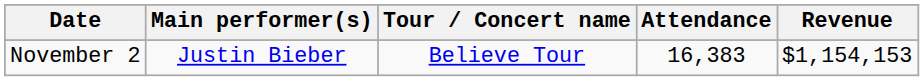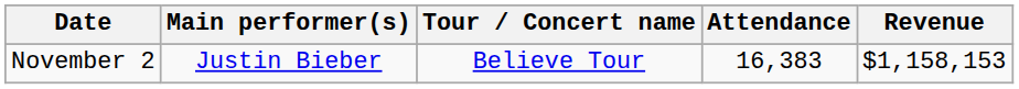 <table class="wikitable"  style="text-align:center; font-size:95%;">
 <tr>
 <th style="text-align:center;">Date</th>
 <th style="text-align:center;">Main performer(s)</th>
 <th style="text-align:center;">Tour / Concert name</th>
 <th style="text-align:center;">Attendance</th>
 <th style="text-align:center;">Revenue</th>
 </tr>
 <tr>
 <td>November 2</td>
 <td><a href='#'>Justin Bieber</a></td>
 <td><a href='#'>Believe Tour</a></td>
 <td>16,383</td>
-<td>$1,154,153</td>
+<td>$1,158,153</td>
 </tr>
 </table>
